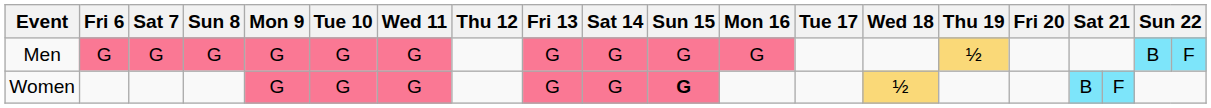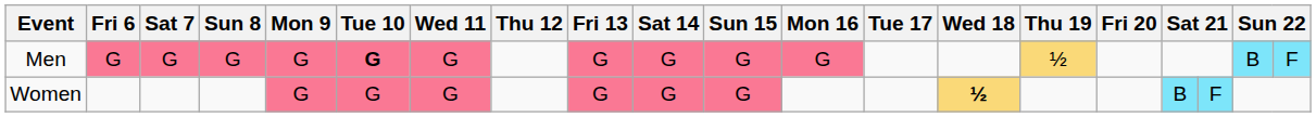 <table class="wikitable" style="margin:0.5em auto; font-size:90%; line-height:1.25em; text-align:center">
 <tr>
 <th>Event</th>
 <th>Fri 6</th>
 <th>Sat 7</th>
 <th>Sun 8</th>
 <th>Mon 9</th>
 <th>Tue 10</th>
 <th>Wed 11</th>
 <th>Thu 12</th>
 <th>Fri 13</th>
 <th>Sat 14</th>
 <th>Sun 15</th>
 <th>Mon 16</th>
 <th>Tue 17</th>
 <th>Wed 18</th>
 <th>Thu 19</th>
 <th>Fri 20</th>
 <th colspan="2">Sat 21</th>
 <th colspan="2">Sun 22</th>
 </tr>
 <tr>
 <td>Men</td>
 <td bgcolor="#FA7894">G</td>
 <td bgcolor="#FA7894">G</td>
 <td bgcolor="#FA7894">G</td>
 <td bgcolor="#FA7894">G</td>
-<td bgcolor="#FA7894">G</td>
+<td bgcolor="#FA7894"><strong>G</strong></td>
 <td bgcolor="#FA7894">G</td>
 <td></td>
 <td bgcolor="#FA7894">G</td>
 <td bgcolor="#FA7894">G</td>
 <td bgcolor="#FA7894">G</td>
 <td bgcolor="#FA7894">G</td>
 <td></td>
 <td></td>
 <td bgcolor="#FAD978">½</td>
 <td></td>
 <td colspan="2"></td>
 <td bgcolor="#7DE5FA">B</td>
 <td bgcolor="#7DE5FA">F</td>
 </tr>
 <tr>
 <td>Women</td>
 <td></td>
 <td></td>
 <td></td>
 <td bgcolor="#FA7894">G</td>
 <td bgcolor="#FA7894">G</td>
 <td bgcolor="#FA7894">G</td>
 <td></td>
 <td bgcolor="#FA7894">G</td>
 <td bgcolor="#FA7894">G</td>
-<td bgcolor="#FA7894"><strong>G</strong></td>
+<td bgcolor="#FA7894">G</td>
 <td></td>
 <td></td>
-<td bgcolor="#FAD978">½</td>
+<td bgcolor="#FAD978"><strong>½</strong></td>
 <td></td>
 <td></td>
 <td bgcolor="#7DE5FA">B</td>
 <td bgcolor="#7DE5FA">F</td>
 <td colspan="2"></td>
 </tr>
 </table>
